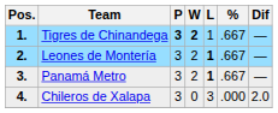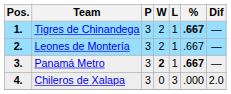 <table class="wikitable sortable" style="text-align: center;">
 <tr>
 <th align="center">Pos.</th>
 <th align="center">Team</th>
 <th align="center">P</th>
 <th align="center">W</th>
 <th align="center">L</th>
 <th align="center">%</th>
 <th align="center">Dif</th>
 </tr>
 <tr style="background: #97DEFF;">
 <td><strong>1.</strong></td>
 <td align=left> <a href='#'>Tigres de Chinandega</a></td>
-<td><strong>3</strong></td>
-<td><strong>2</strong></td>
+<td>3</td>
+<td>2</td>
 <td>1</td>
-<td>.667</td>
+<td><strong>.667</strong></td>
 <td>—</td>
 </tr>
 <tr style="background: #97DEFF;">
 <td><strong>2.</strong></td>
 <td align=left> <a href='#'>Leones de Montería</a></td>
 <td>3</td>
 <td>2</td>
-<td><strong>1</strong></td>
+<td>1</td>
 <td>.667</td>
 <td>—</td>
 </tr>
 <tr style="background: #EEEEEE;">
 <td><strong>3.</strong></td>
 <td align=left> <a href='#'>Panamá Metro</a></td>
 <td>3</td>
-<td>2</td>
-<td><strong>1</strong></td>
-<td>.667</td>
+<td><strong>2</strong></td>
+<td>1</td>
+<td><strong>.667</strong></td>
 <td>—</td>
 </tr>
 <tr style="background: #EEEEEE;">
 <td><strong>4.</strong></td>
 <td align=left> <a href='#'>Chileros de Xalapa</a></td>
 <td>3</td>
 <td>0</td>
 <td>3</td>
 <td>.000</td>
 <td>2.0</td>
 </tr>
 <tr>
 </tr>
 </table>
